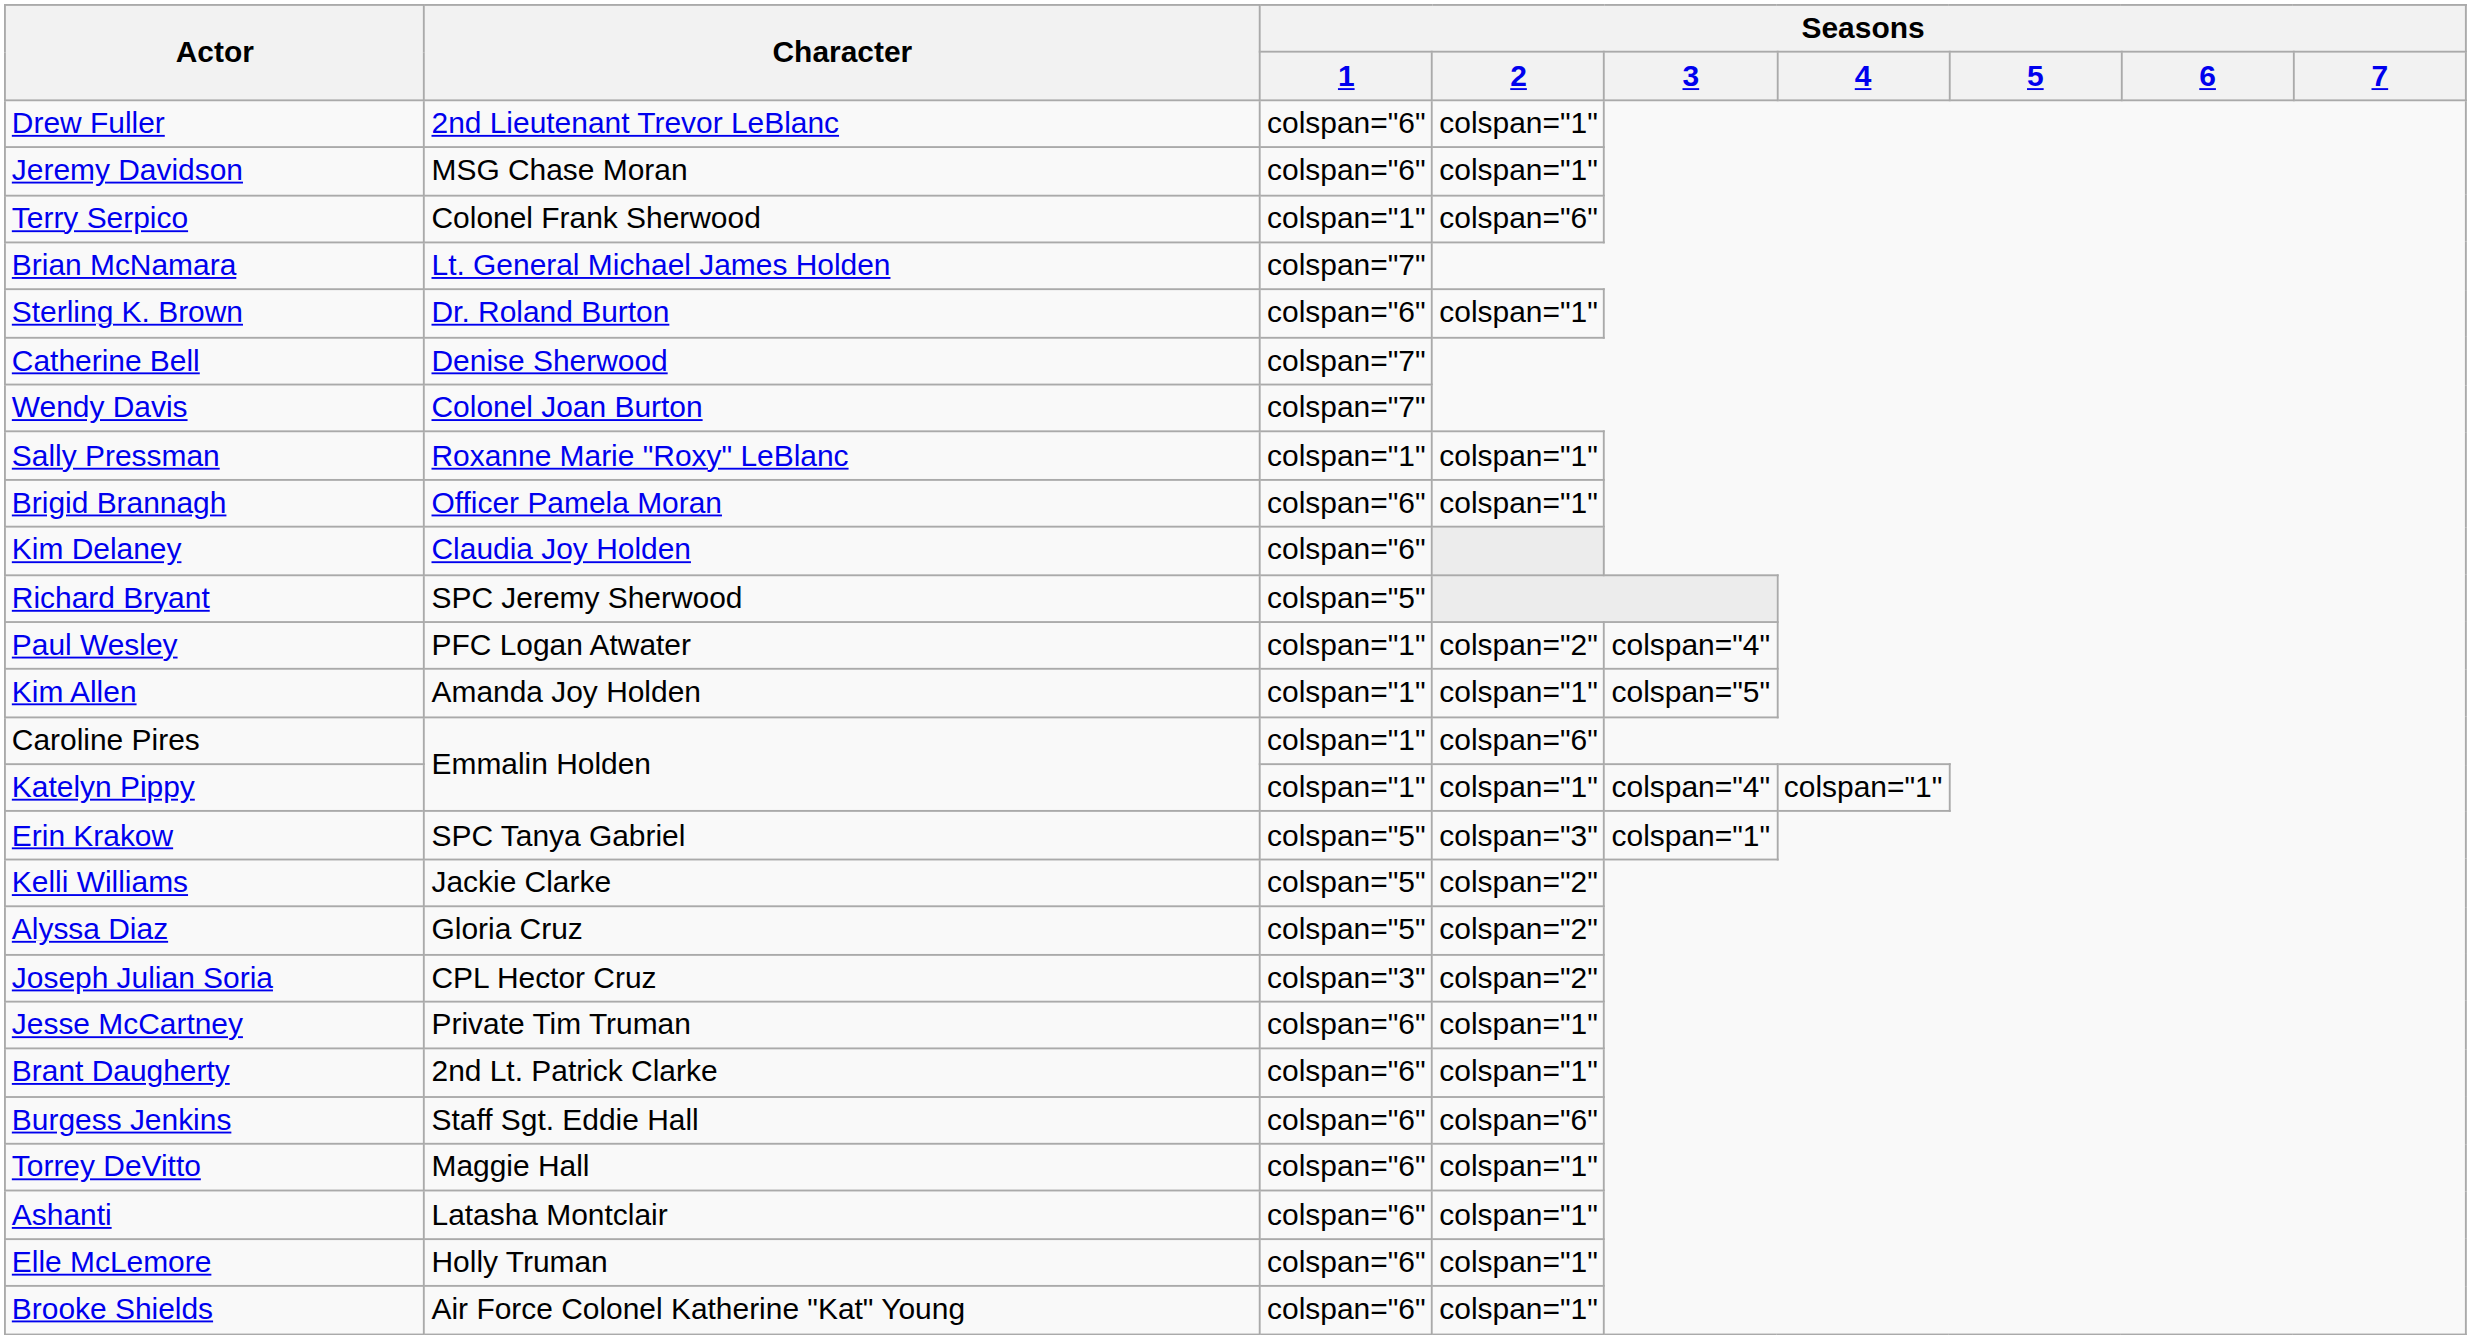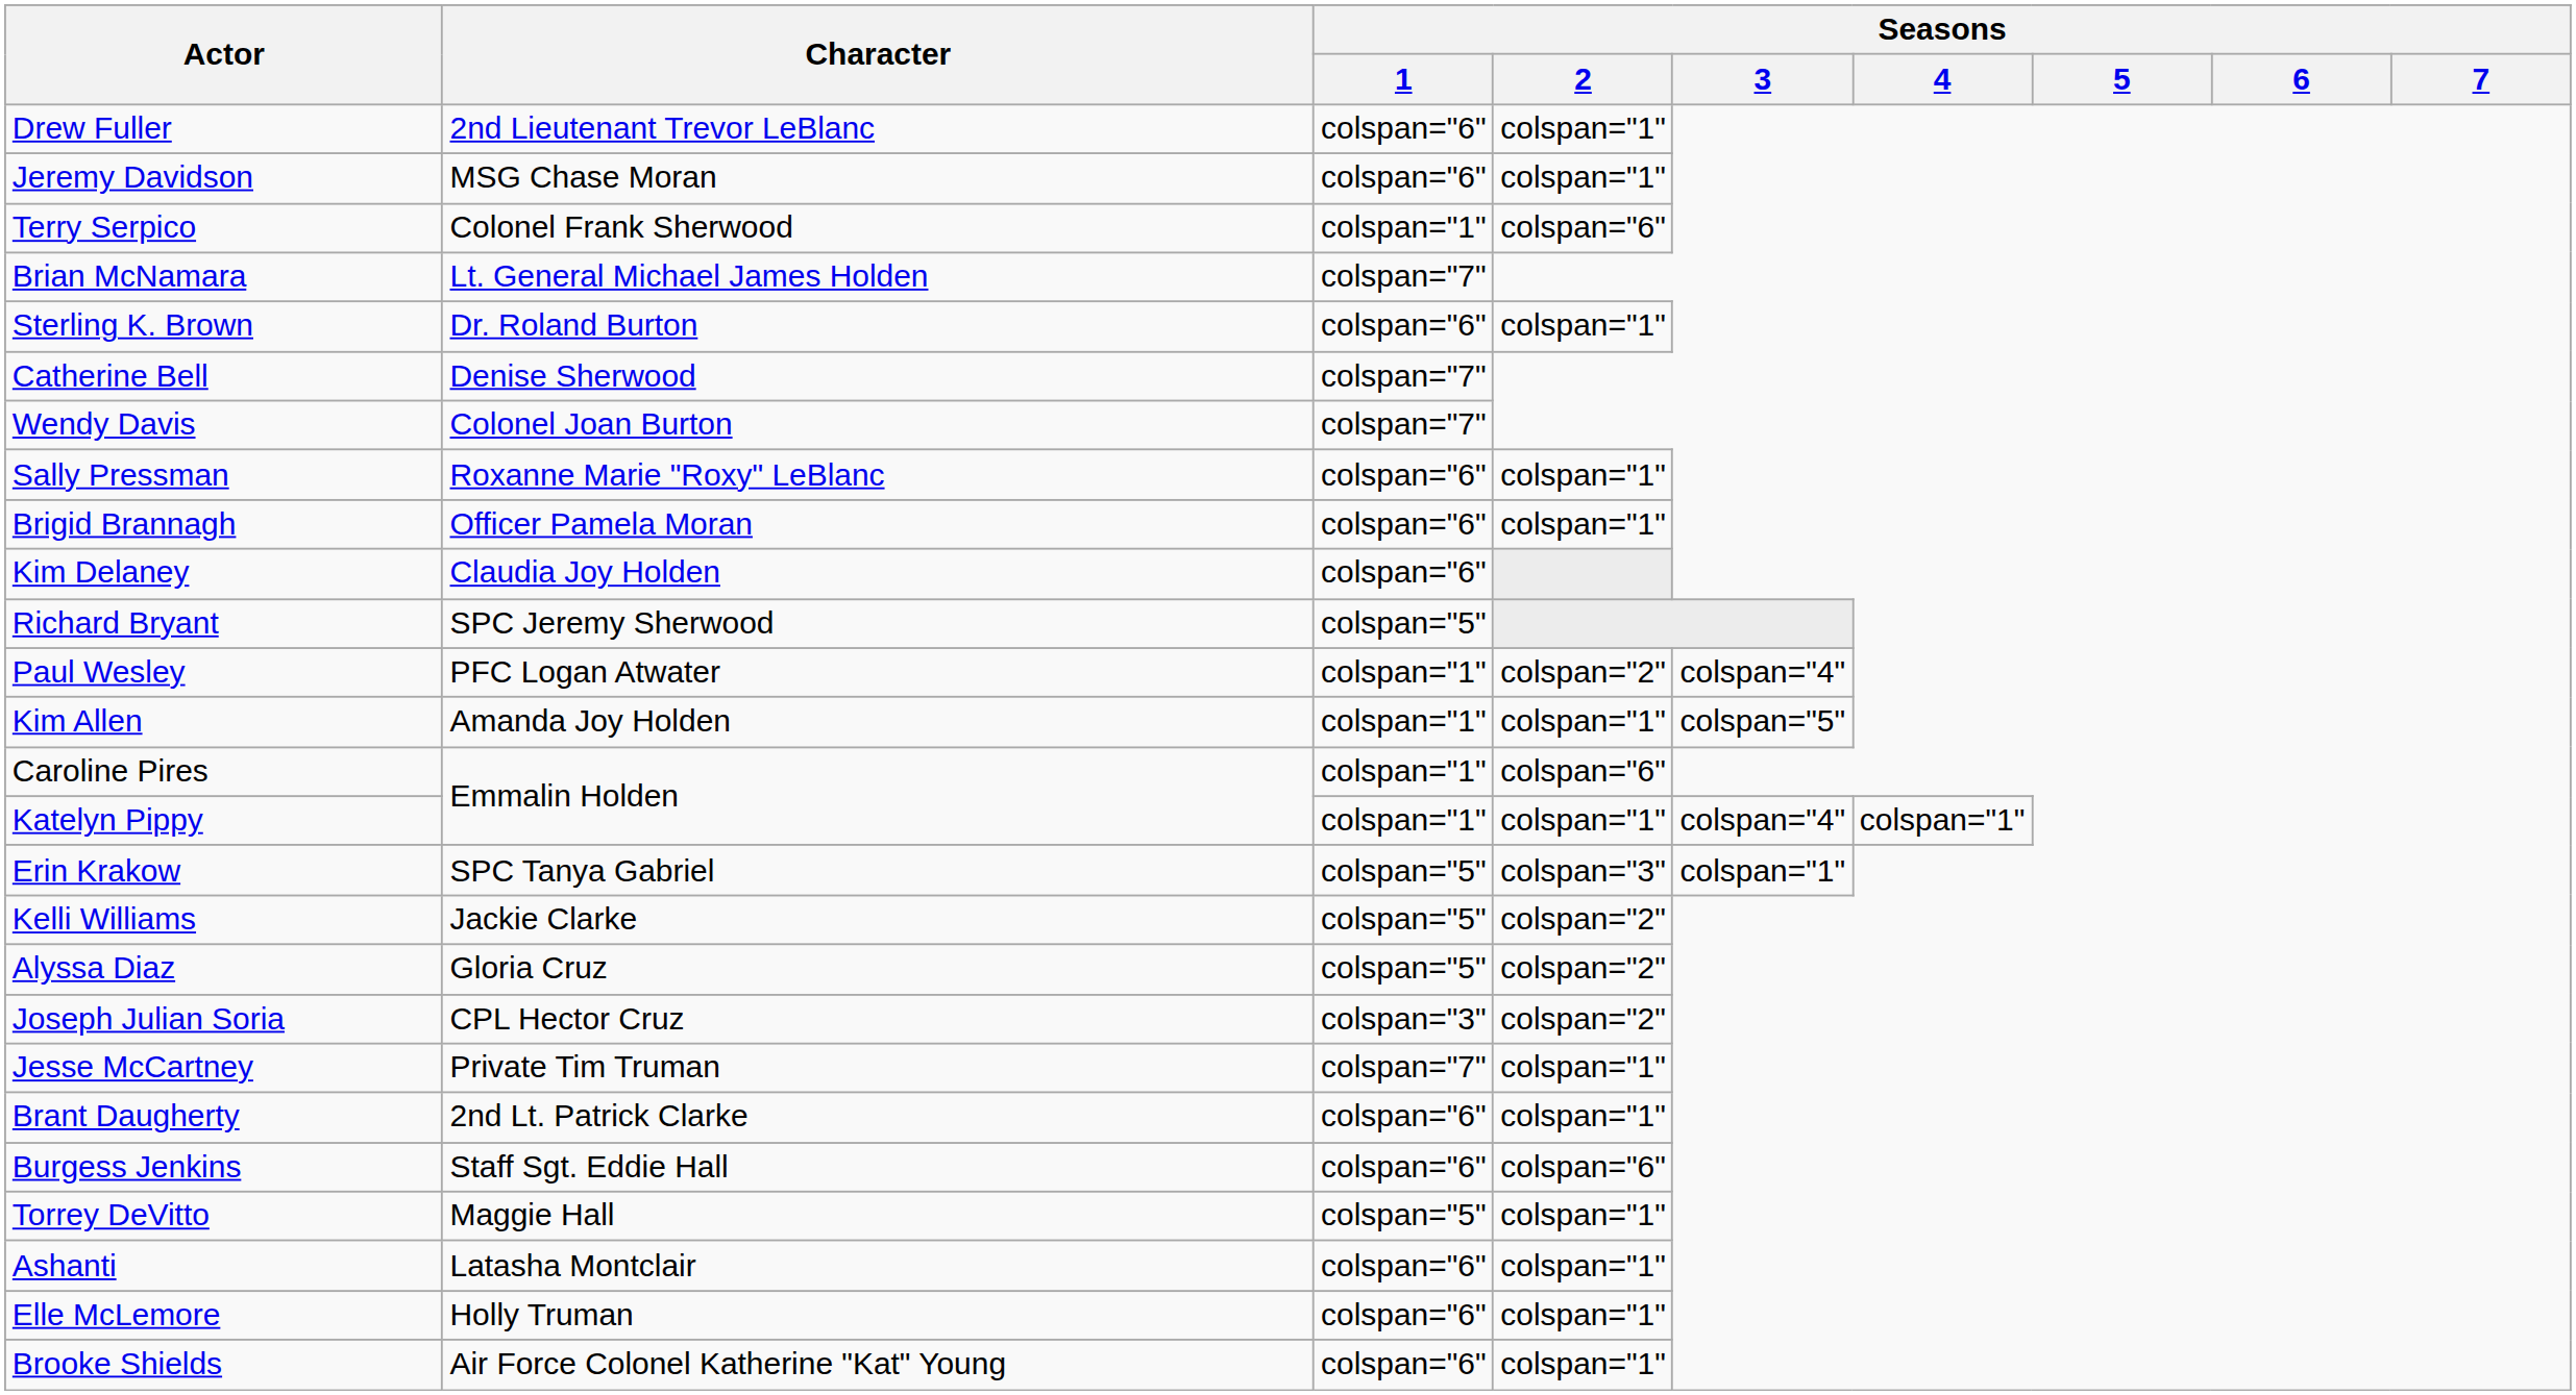 <table class="wikitable">
 <tr>
 <th rowspan="2">Actor</th>
 <th rowspan="2">Character</th>
 <th colspan="7">Seasons</th>
 </tr>
 <tr>
 <th style="width:7%;"><a href='#'>1</a></th>
 <th style="width:7%;"><a href='#'>2</a></th>
 <th style="width:7%;"><a href='#'>3</a></th>
 <th style="width:7%;"><a href='#'>4</a></th>
 <th style="width:7%;"><a href='#'>5</a></th>
 <th style="width:7%;"><a href='#'>6</a></th>
 <th style="width:7%;"><a href='#'>7</a></th>
 </tr>
 <tr>
 <td><a href='#'>Drew Fuller</a></td>
 <td><a href='#'>2nd Lieutenant Trevor LeBlanc</a></td>
 <td>colspan="6" </td>
 <td>colspan="1" </td>
 </tr>
 <tr>
 <td><a href='#'>Jeremy Davidson</a></td>
 <td>MSG Chase Moran</td>
 <td>colspan="6" </td>
 <td>colspan="1" </td>
 </tr>
 <tr>
 <td><a href='#'>Terry Serpico</a></td>
 <td>Colonel Frank Sherwood</td>
 <td>colspan="1" </td>
 <td>colspan="6" </td>
 </tr>
 <tr>
 <td><a href='#'>Brian McNamara</a></td>
 <td><a href='#'>Lt. General Michael James Holden</a></td>
 <td>colspan="7" </td>
 </tr>
 <tr>
 <td><a href='#'>Sterling K. Brown</a></td>
 <td><a href='#'>Dr. Roland Burton</a></td>
 <td>colspan="6" </td>
 <td>colspan="1" </td>
 </tr>
 <tr>
 <td><a href='#'>Catherine Bell</a></td>
 <td><a href='#'>Denise Sherwood</a></td>
 <td>colspan="7" </td>
 </tr>
 <tr>
 <td><a href='#'>Wendy Davis</a></td>
 <td><a href='#'>Colonel Joan Burton</a></td>
 <td>colspan="7" </td>
 </tr>
 <tr>
 <td><a href='#'>Sally Pressman</a></td>
 <td><a href='#'>Roxanne Marie "Roxy" LeBlanc</a></td>
-<td>colspan="1" </td>
+<td>colspan="6" </td>
 <td>colspan="1" </td>
 </tr>
 <tr>
 <td><a href='#'>Brigid Brannagh</a></td>
 <td><a href='#'>Officer Pamela Moran</a></td>
 <td>colspan="6" </td>
 <td>colspan="1" </td>
 </tr>
 <tr>
 <td><a href='#'>Kim Delaney</a></td>
 <td><a href='#'>Claudia Joy Holden</a></td>
 <td>colspan="6" </td>
 <td colspan="1" style="background: #ececec; color: grey; vertical-align: middle; text-align: center; " class="table-na"></td>
 </tr>
 <tr>
 <td><a href='#'>Richard Bryant</a></td>
 <td>SPC Jeremy Sherwood</td>
 <td>colspan="5" </td>
 <td colspan="2" style="background: #ececec; color: grey; vertical-align: middle; text-align: center; " class="table-na"></td>
 </tr>
 <tr>
 <td><a href='#'>Paul Wesley</a></td>
 <td>PFC Logan Atwater</td>
 <td>colspan="1" </td>
 <td>colspan="2" </td>
 <td>colspan="4" </td>
 </tr>
 <tr>
 <td><a href='#'>Kim Allen</a></td>
 <td>Amanda Joy Holden</td>
 <td>colspan="1" </td>
 <td>colspan="1" </td>
 <td>colspan="5" </td>
 </tr>
 <tr>
 <td>Caroline Pires</td>
 <td rowspan="2">Emmalin Holden</td>
 <td>colspan="1" </td>
 <td>colspan="6" </td>
 </tr>
 <tr>
 <td><a href='#'>Katelyn Pippy</a></td>
 <td>colspan="1" </td>
 <td>colspan="1" </td>
 <td>colspan="4" </td>
 <td>colspan="1" </td>
 </tr>
 <tr>
 <td><a href='#'>Erin Krakow</a></td>
 <td>SPC Tanya Gabriel</td>
 <td>colspan="5" </td>
 <td>colspan="3" </td>
 <td>colspan="1" </td>
 </tr>
 <tr>
 <td><a href='#'>Kelli Williams</a></td>
 <td>Jackie Clarke</td>
 <td>colspan="5" </td>
 <td>colspan="2" </td>
 </tr>
 <tr>
 <td><a href='#'>Alyssa Diaz</a></td>
 <td>Gloria Cruz</td>
 <td>colspan="5" </td>
 <td>colspan="2" </td>
 </tr>
 <tr>
 <td><a href='#'>Joseph Julian Soria</a></td>
 <td>CPL Hector Cruz</td>
 <td>colspan="3" </td>
 <td>colspan="2" </td>
 </tr>
 <tr>
 <td><a href='#'>Jesse McCartney</a></td>
 <td>Private Tim Truman</td>
-<td>colspan="6" </td>
+<td>colspan="7" </td>
 <td>colspan="1" </td>
 </tr>
 <tr>
 <td><a href='#'>Brant Daugherty</a></td>
 <td>2nd Lt. Patrick Clarke</td>
 <td>colspan="6" </td>
 <td>colspan="1" </td>
 </tr>
 <tr>
 <td><a href='#'>Burgess Jenkins</a></td>
 <td>Staff Sgt. Eddie Hall</td>
 <td>colspan="6" </td>
 <td>colspan="6" </td>
 </tr>
 <tr>
 <td><a href='#'>Torrey DeVitto</a></td>
 <td>Maggie Hall</td>
-<td>colspan="6" </td>
+<td>colspan="5" </td>
 <td>colspan="1" </td>
 </tr>
 <tr>
 <td><a href='#'>Ashanti</a></td>
 <td>Latasha Montclair</td>
 <td>colspan="6" </td>
 <td>colspan="1" </td>
 </tr>
 <tr>
 <td><a href='#'>Elle McLemore</a></td>
 <td>Holly Truman</td>
 <td>colspan="6" </td>
 <td>colspan="1" </td>
 </tr>
 <tr>
 <td><a href='#'>Brooke Shields</a></td>
 <td>Air Force Colonel Katherine "Kat" Young</td>
 <td>colspan="6" </td>
 <td>colspan="1" </td>
 </tr>
 </table>
